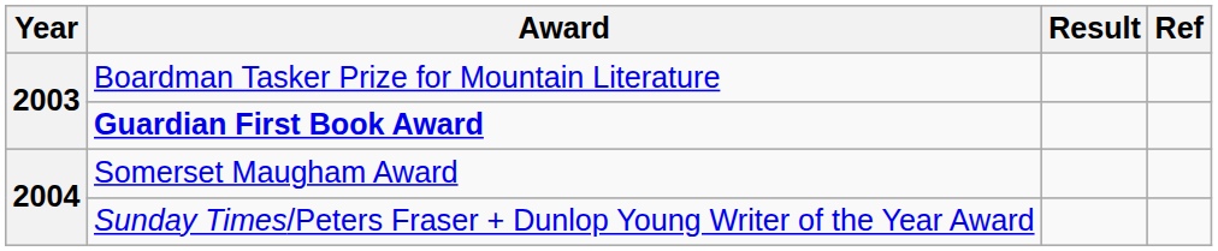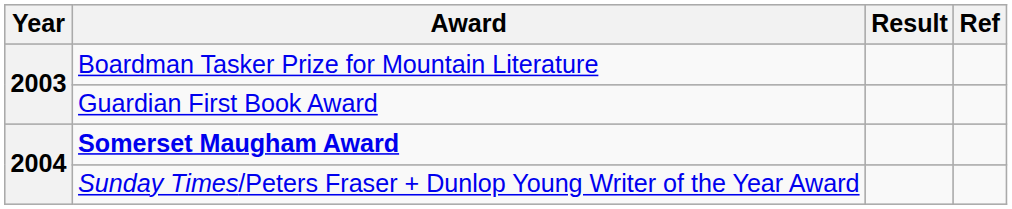 <table class="wikitable">
 <tr>
 <th>Year</th>
 <th>Award</th>
 <th>Result</th>
 <th>Ref</th>
 </tr>
 <tr>
 <th rowspan="2">2003</th>
 <td><a href='#'>Boardman Tasker Prize for Mountain Literature</a></td>
 <td></td>
 <td></td>
 </tr>
 <tr>
-<td><strong><a href='#'>Guardian First Book Award</a></strong></td>
+<td><a href='#'>Guardian First Book Award</a></td>
 <td></td>
 <td></td>
 </tr>
 <tr>
 <th rowspan="2">2004</th>
-<td><a href='#'>Somerset Maugham Award</a></td>
+<td><strong><a href='#'>Somerset Maugham Award</a></strong></td>
 <td></td>
 <td></td>
 </tr>
 <tr>
 <td><a href='#'><em>Sunday Times</em>/Peters Fraser + Dunlop Young Writer of the Year Award</a></td>
 <td></td>
 <td></td>
 </tr>
 </table>
